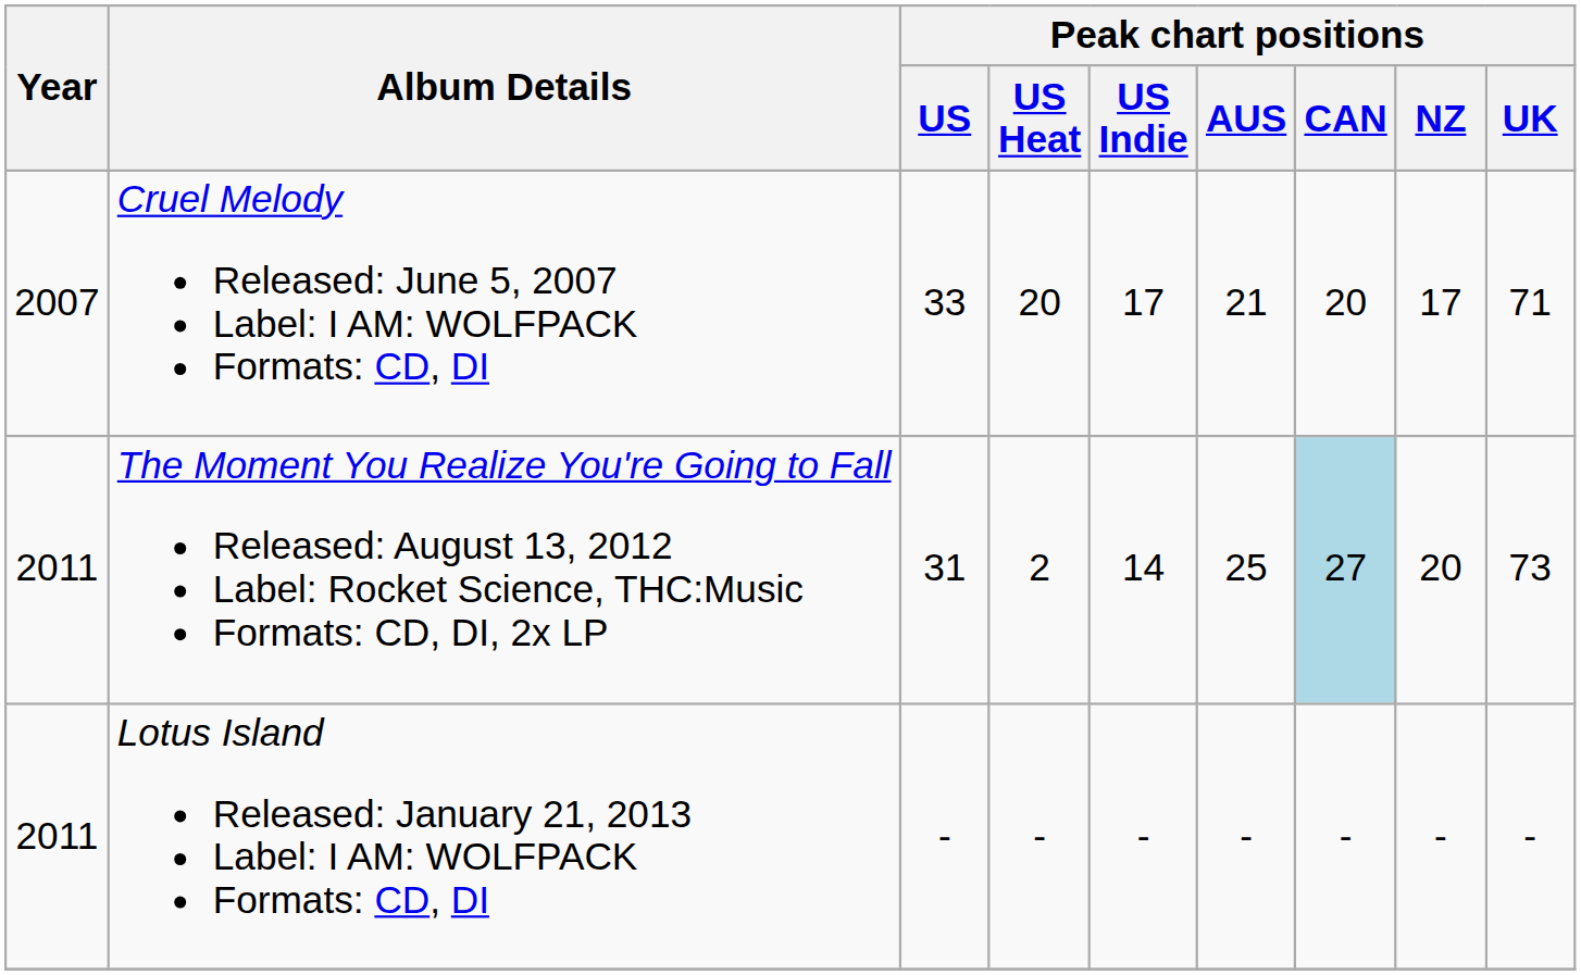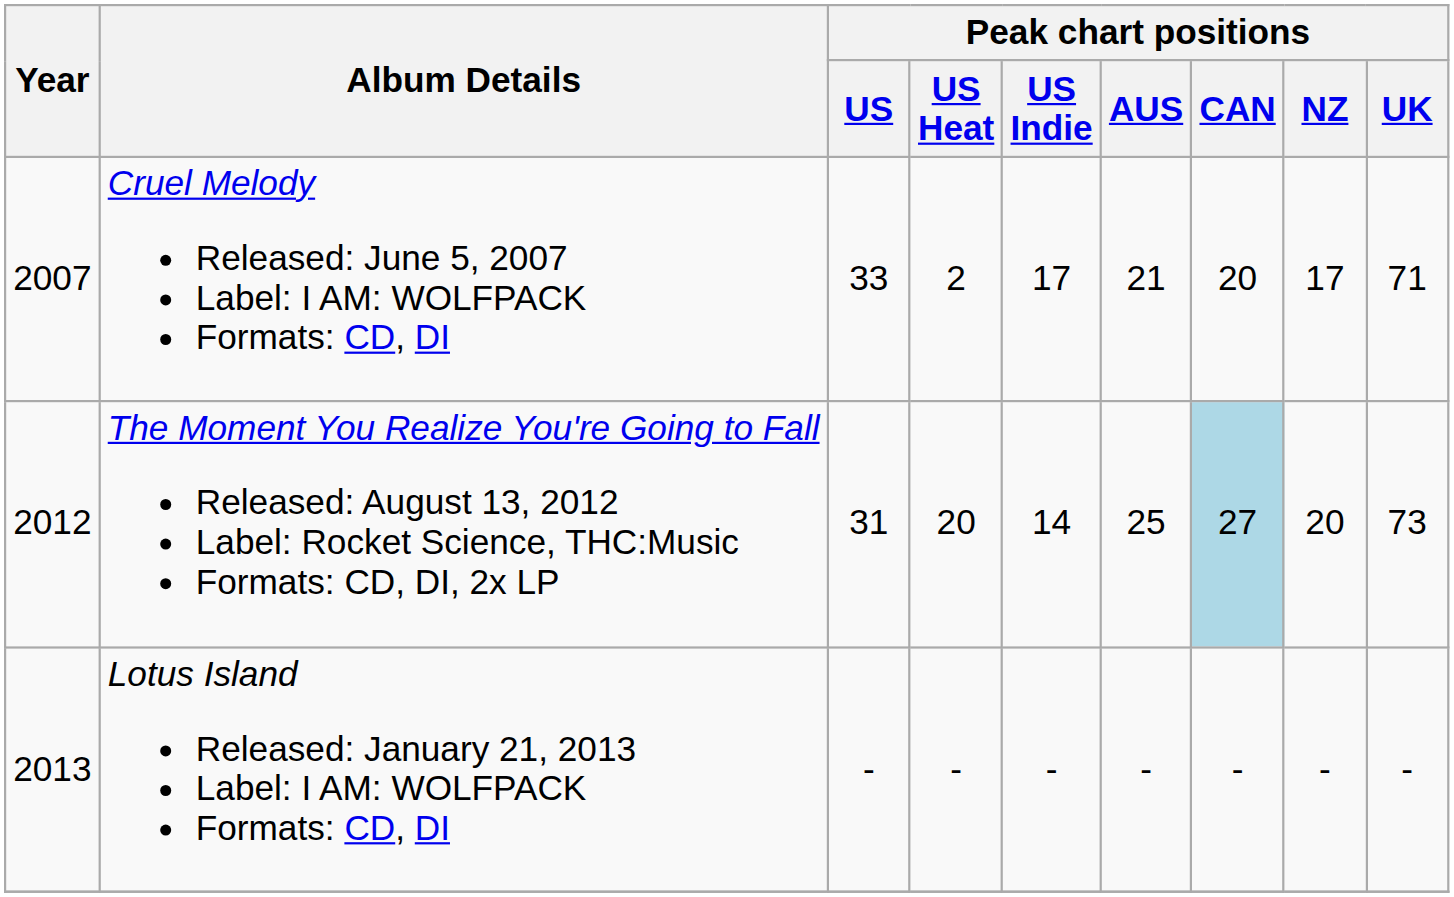 <table class="wikitable plainrowheaders">
 <tr>
 <th rowspan=2>Year</th>
 <th ! rowspan=2>Album Details</th>
 <th ! colspan="7">Peak chart positions</th>
 </tr>
 <tr>
 <th width="30"><a href='#'>US</a><br></th>
 <th width="30"><a href='#'>US<br>Heat</a><br></th>
 <th width="30"><a href='#'>US<br>Indie</a><br></th>
 <th width="30"><a href='#'>AUS</a><br></th>
 <th width="30"><a href='#'>CAN</a><br></th>
 <th width="30"><a href='#'>NZ</a><br></th>
 <th width="30"><a href='#'>UK</a><br></th>
 </tr>
 <tr>
 <td align="center">2007</td>
 <td><em><a href='#'>Cruel Melody</a></em><br><ul><li>Released:  June 5, 2007</li><li>Label: I AM: WOLFPACK</li><li>Formats: <a href='#'>CD</a>, <a href='#'>DI</a></li></ul></td>
 <td align="center">33</td>
-<td align="center">20</td>
+<td align="center">2</td>
 <td align="center">17</td>
 <td align="center">21</td>
 <td align="center">20</td>
 <td align="center">17</td>
 <td align="center">71</td>
 </tr>
 <tr>
-<td align="center">2011</td>
+<td align="center">2012</td>
 <td><em><a href='#'>The Moment You Realize You're Going to Fall</a></em><br><ul><li>Released:  August 13, 2012</li><li>Label: Rocket Science, THC:Music</li><li>Formats: CD, DI, 2x LP</li></ul></td>
 <td align="center">31</td>
-<td align="center">2</td>
+<td align="center">20</td>
 <td align="center">14</td>
 <td align="center">25</td>
 <td align="center" style="background: lightblue;">27</td>
 <td align="center">20</td>
 <td align="center">73</td>
 </tr>
 <tr>
-<td align="center">2011</td>
+<td align="center">2013</td>
 <td><em>Lotus Island</em><br><ul><li>Released: January 21, 2013</li><li>Label: I AM: WOLFPACK</li><li>Formats: <a href='#'>CD</a>, <a href='#'>DI</a></li></ul></td>
 <td align="center">-</td>
 <td align="center">-</td>
 <td align="center">-</td>
 <td align="center">-</td>
 <td align="center">-</td>
 <td align="center">-</td>
 <td align="center">-</td>
 </tr>
 <tr>
 </tr>
 </table>
